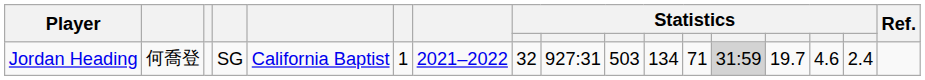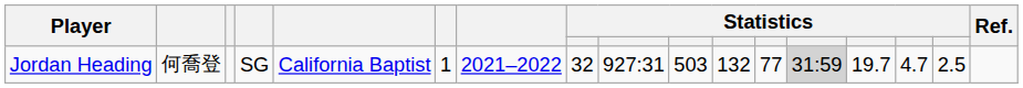 <table class="wikitable sortable" style="font-size:95%; text-align:right;">
 <tr>
 <th rowspan="2">Player</th>
 <th rowspan="2"></th>
 <th rowspan="2"></th>
 <th rowspan="2"></th>
 <th rowspan="2"></th>
 <th rowspan="2"></th>
 <th rowspan="2"></th>
 <th colspan="9">Statistics</th>
 <th rowspan="2">Ref.</th>
 </tr>
 <tr>
 <th></th>
 <th></th>
 <th></th>
 <th></th>
 <th></th>
 <th></th>
 <th></th>
 <th></th>
 <th></th>
 </tr>
 <tr>
 <td align="left"><a href='#'>Jordan Heading</a></td>
 <td align="left">何喬登</td>
 <td align="center"></td>
 <td align="center">SG</td>
 <td align="left"><a href='#'>California Baptist</a></td>
 <td align="center">1</td>
 <td align="center"><a href='#'>2021–2022</a></td>
 <td>32</td>
 <td>927:31</td>
 <td>503</td>
-<td>134</td>
-<td>71</td>
+<td>132</td>
+<td>77</td>
 <td style="background: lightgrey;">31:59</td>
 <td>19.7</td>
-<td>4.6</td>
-<td>2.4</td>
+<td>4.7</td>
+<td>2.5</td>
 <td align="center"></td>
 </tr>
 </table>
